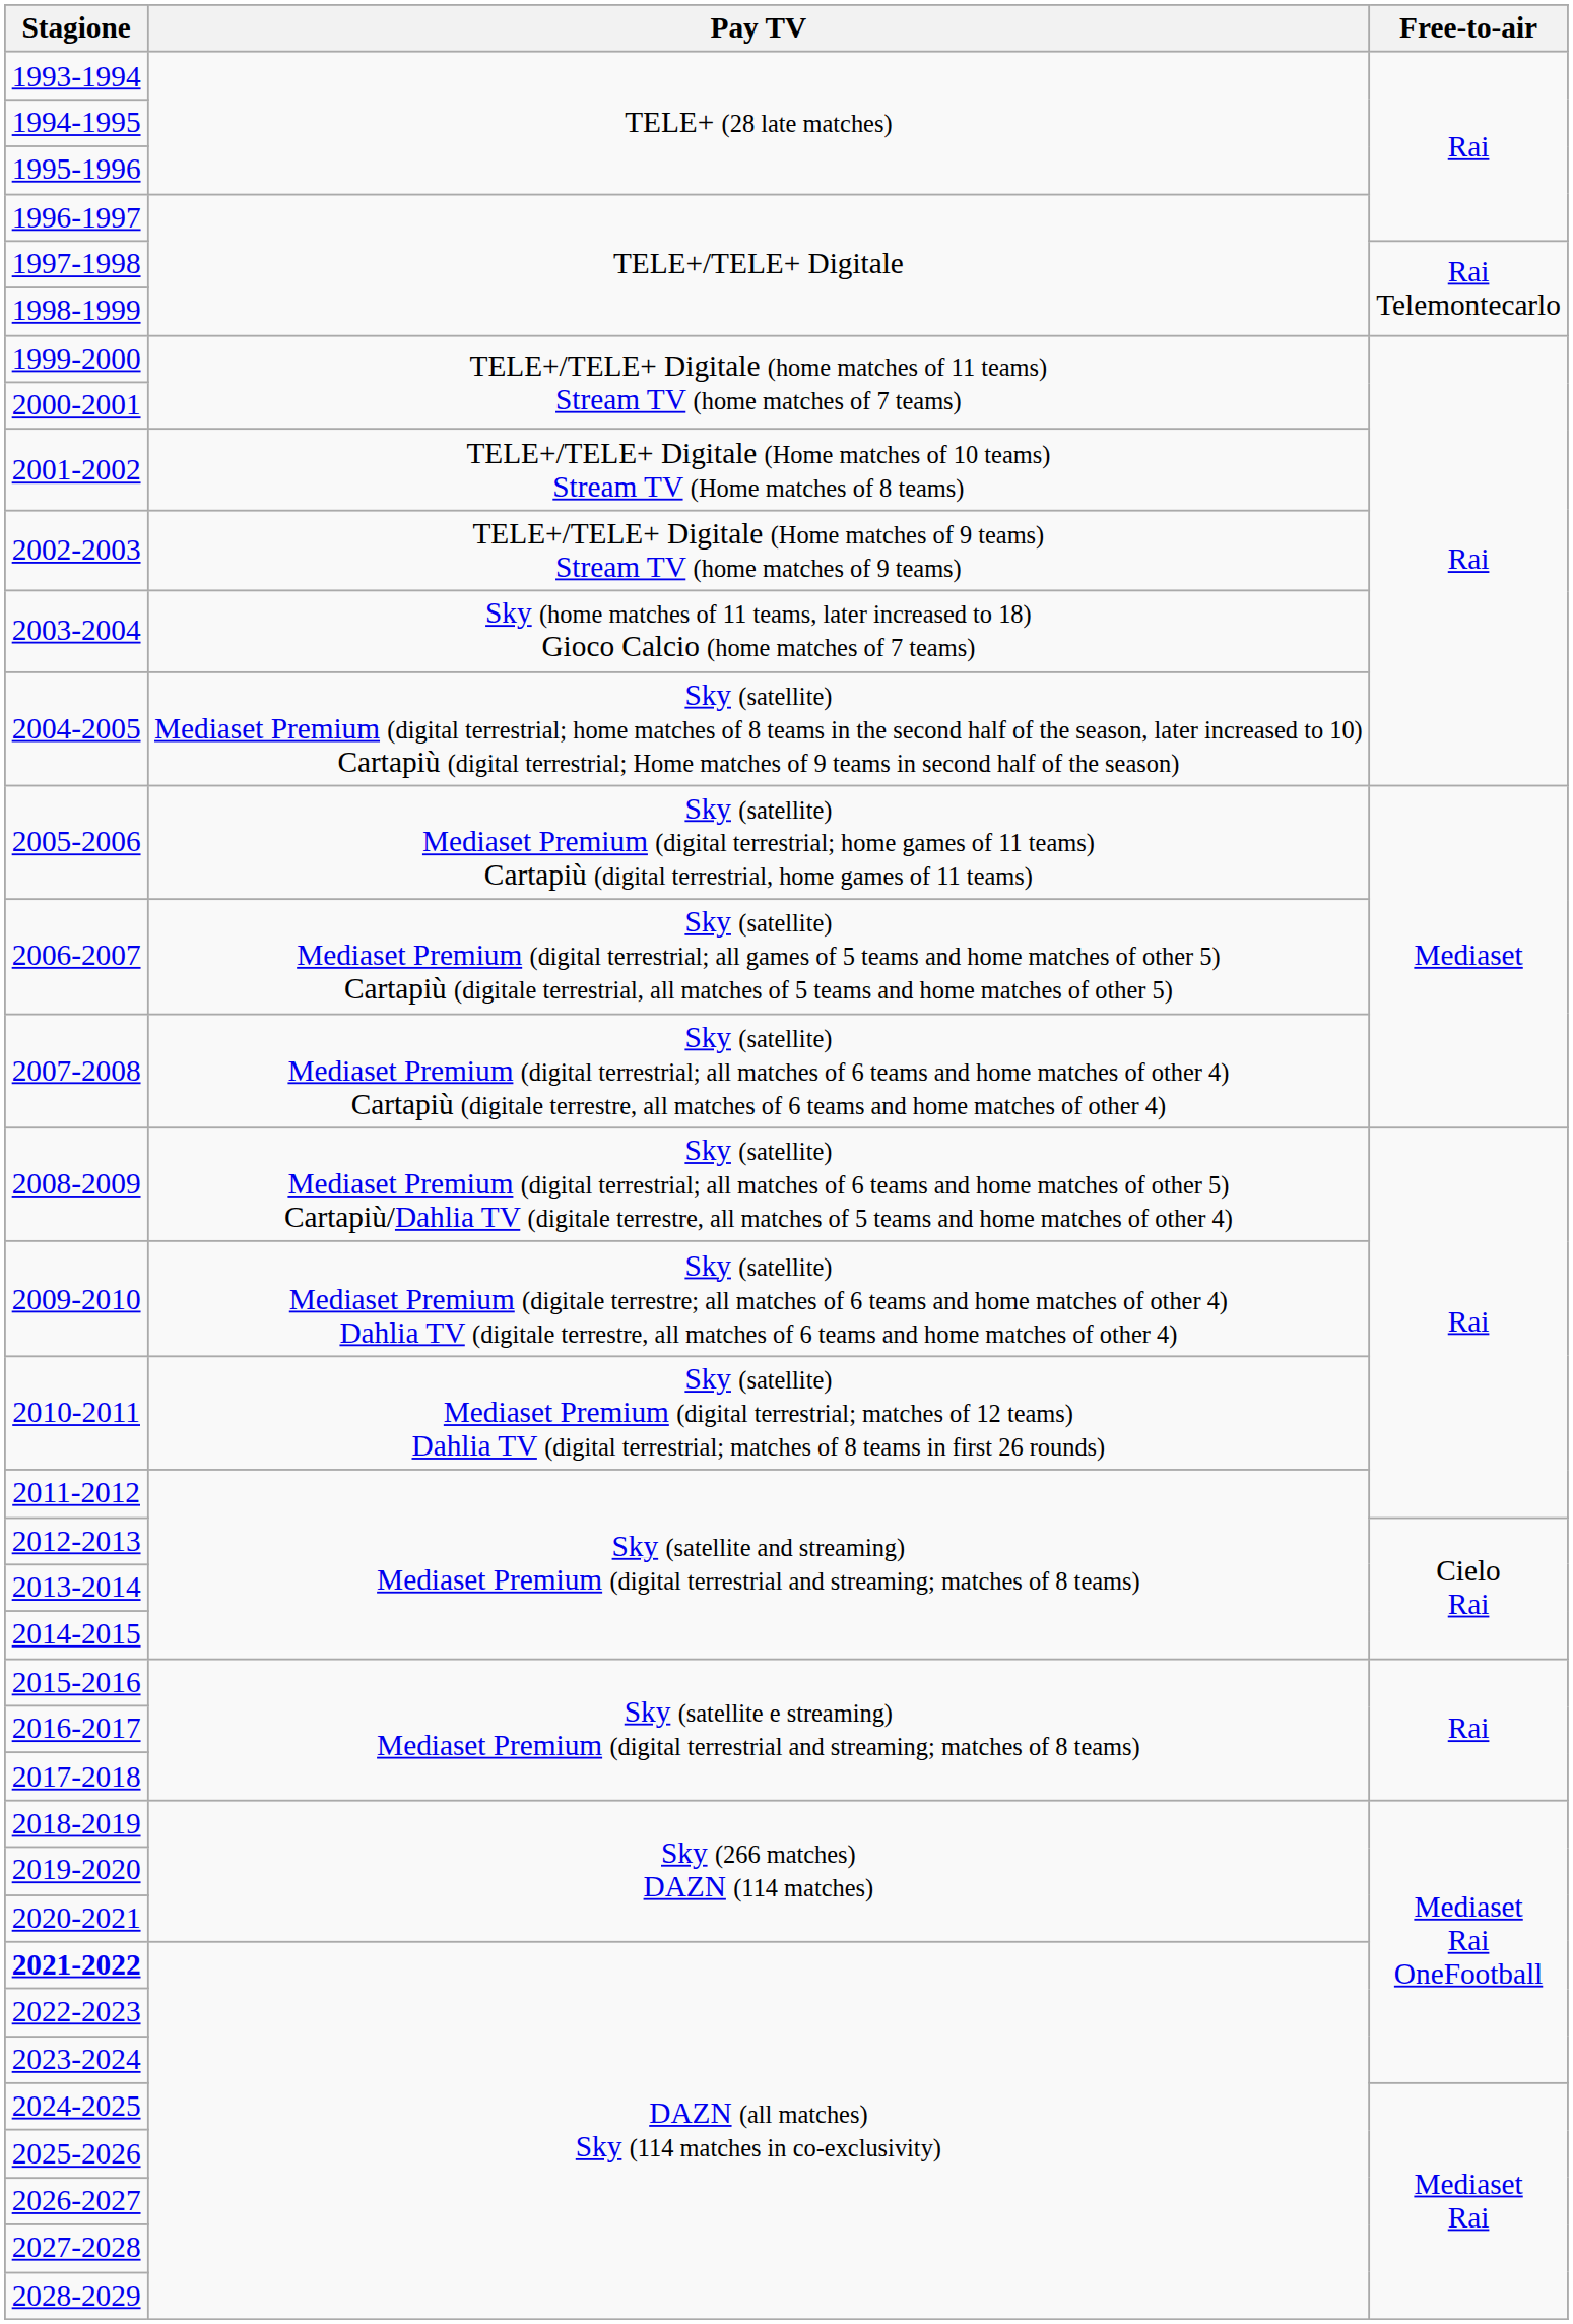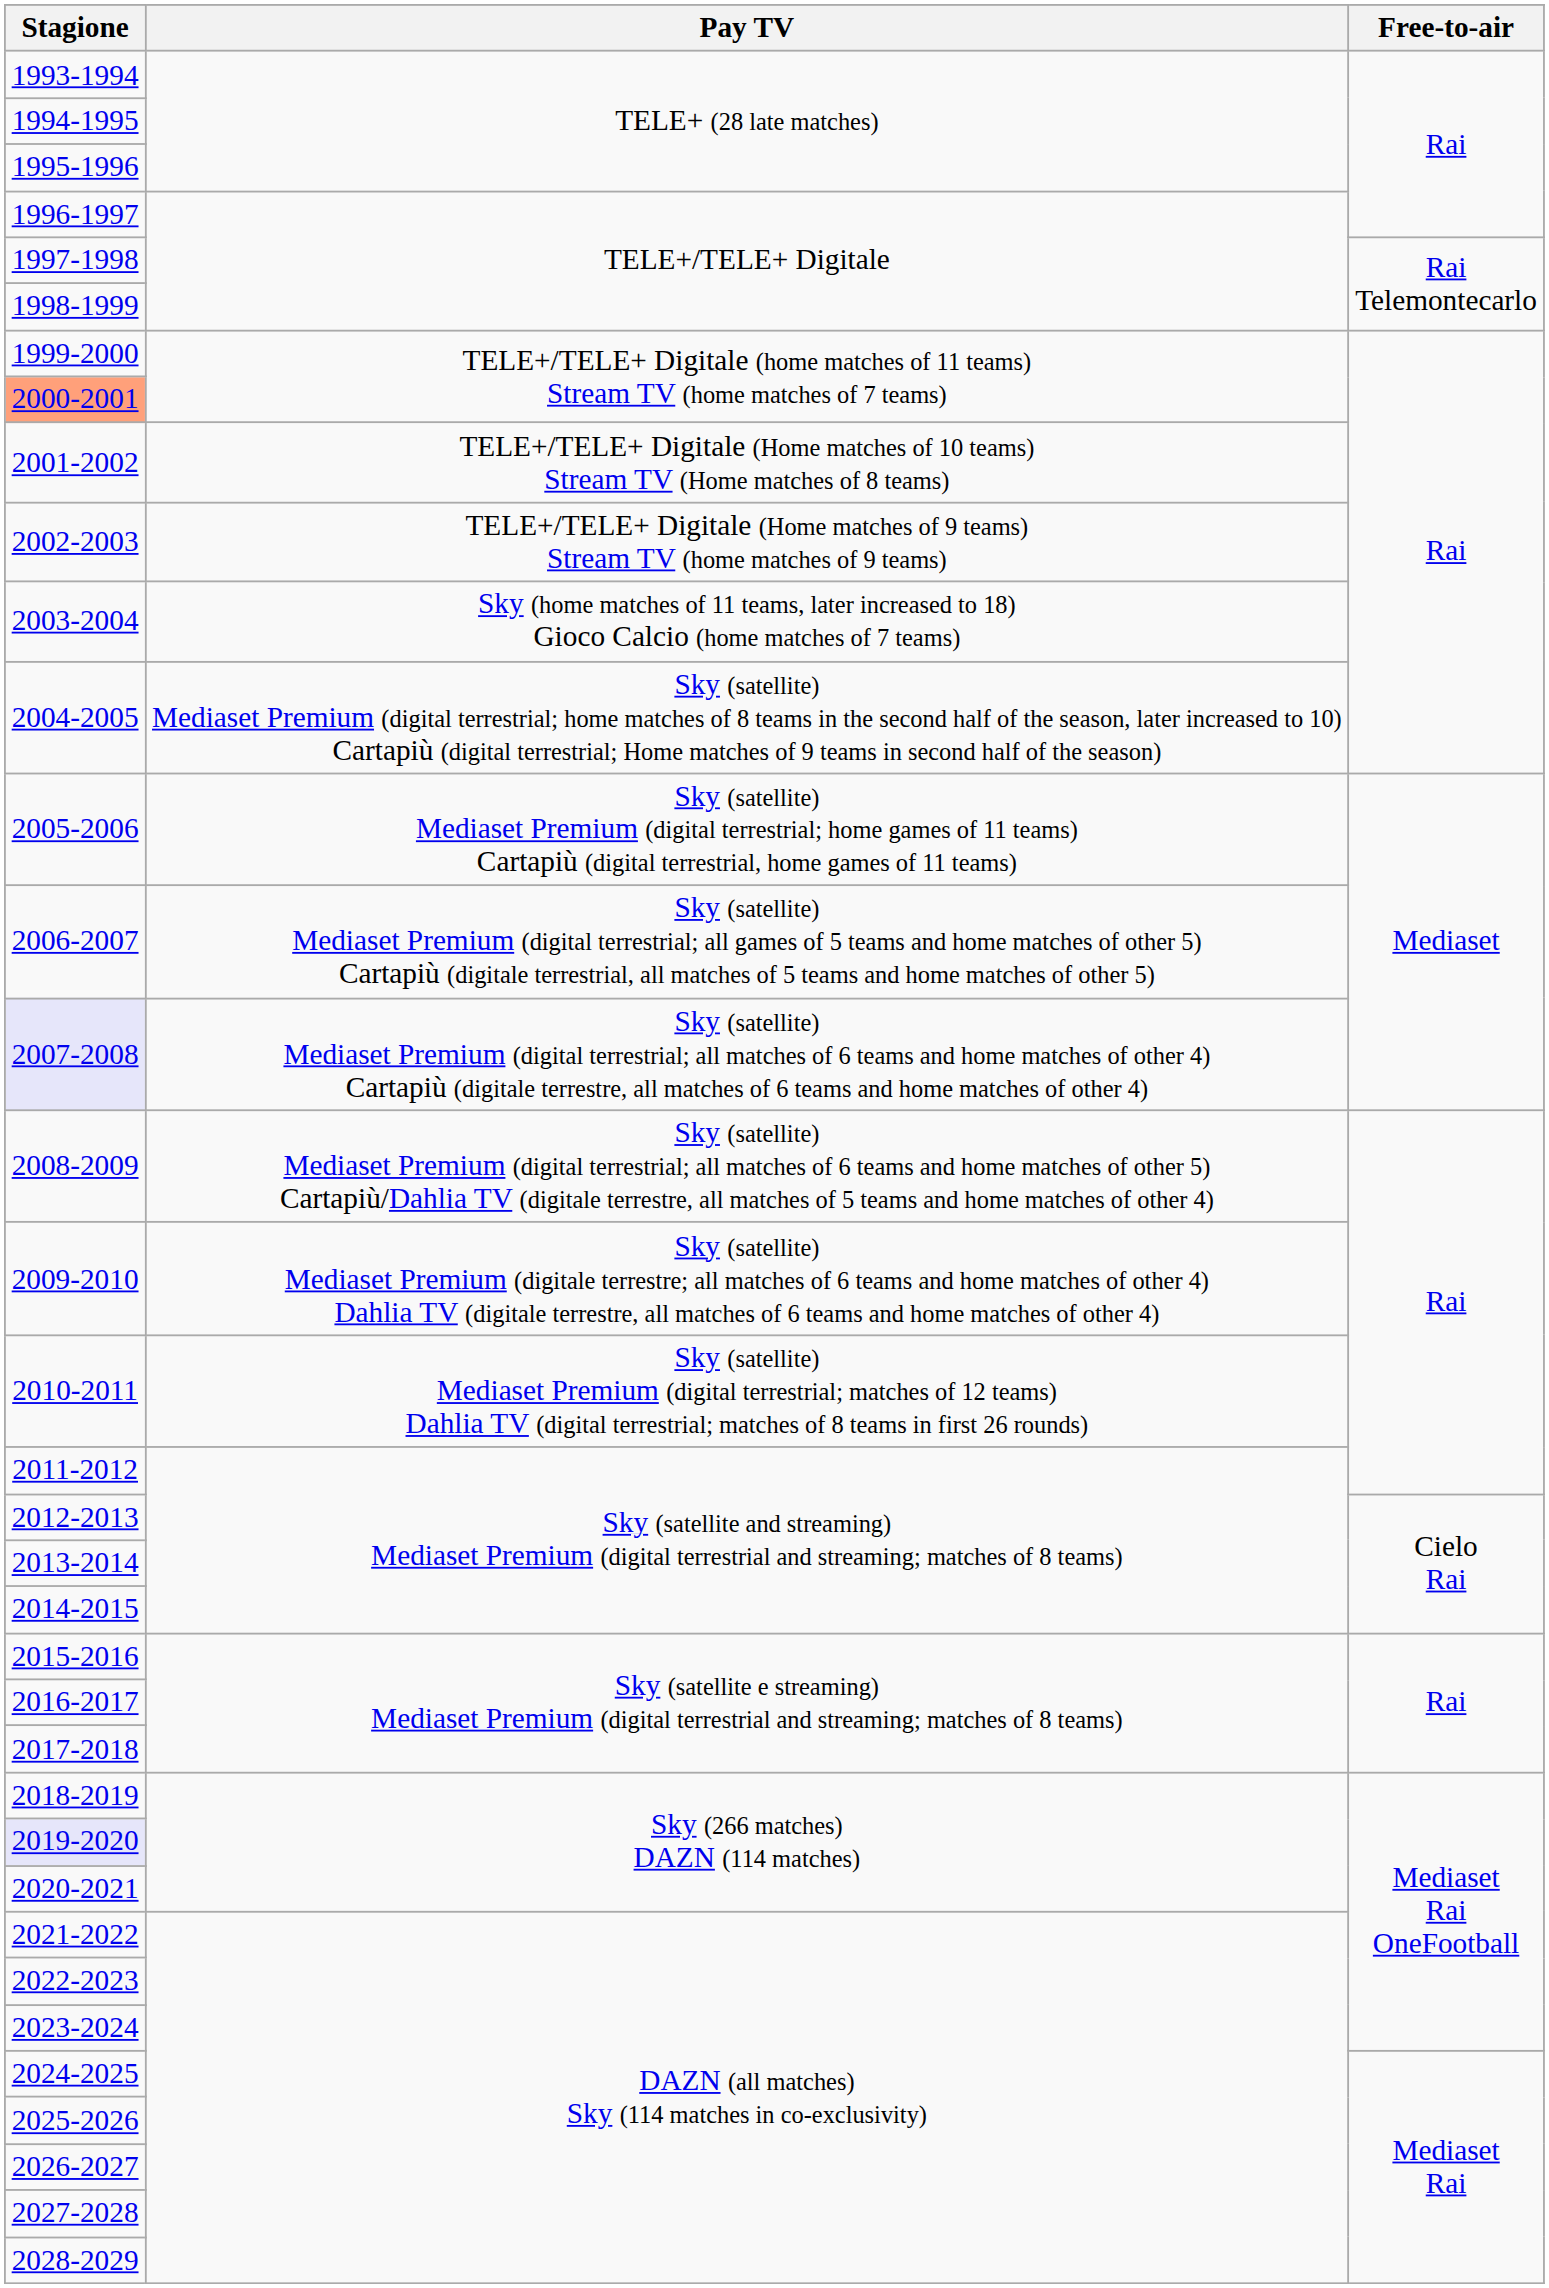 <table class="wikitable" style="text-align: center;">
 <tr>
 <th>Stagione</th>
 <th>Pay TV</th>
 <th>Free-to-air</th>
 </tr>
 <tr>
 <td><a href='#'>1993-1994</a></td>
 <td rowspan="3">TELE+ <small>(28 late matches)</small></td>
 <td rowspan="4"><a href='#'>Rai</a></td>
 </tr>
 <tr>
 <td><a href='#'>1994-1995</a></td>
 </tr>
 <tr>
 <td><a href='#'>1995-1996</a></td>
 </tr>
 <tr>
 <td><a href='#'>1996-1997</a></td>
 <td rowspan="3">TELE+/TELE+ Digitale</td>
 </tr>
 <tr>
 <td><a href='#'>1997-1998</a></td>
 <td rowspan="2"><a href='#'>Rai</a><br>Telemontecarlo</td>
 </tr>
 <tr>
 <td><a href='#'>1998-1999</a></td>
 </tr>
 <tr>
 <td><a href='#'>1999-2000</a></td>
 <td rowspan="2">TELE+/TELE+ Digitale <small>(home matches of 11 teams)</small><br><a href='#'>Stream TV</a> <small>(home matches of 7 teams)</small></td>
 <td rowspan="6"><a href='#'>Rai</a></td>
 </tr>
 <tr>
-<td><a href='#'>2000-2001</a></td>
+<td style="background: lightsalmon;"><a href='#'>2000-2001</a></td>
 </tr>
 <tr>
 <td><a href='#'>2001-2002</a></td>
 <td>TELE+/TELE+ Digitale <small>(Home matches of 10 teams)</small><br><a href='#'>Stream TV</a> <small>(Home matches of 8 teams)</small></td>
 </tr>
 <tr>
 <td><a href='#'>2002-2003</a></td>
 <td>TELE+/TELE+ Digitale <small>(Home matches of 9 teams)</small><br><a href='#'>Stream TV</a> <small>(home matches of 9 teams)</small></td>
 </tr>
 <tr>
 <td><a href='#'>2003-2004</a></td>
 <td><a href='#'>Sky</a> <small>(home matches of 11 teams, later increased to 18)</small><br>Gioco Calcio <small>(home matches of 7 teams)</small></td>
 </tr>
 <tr>
 <td><a href='#'>2004-2005</a></td>
 <td><a href='#'>Sky</a> <small>(satellite)</small><br><a href='#'>Mediaset Premium</a> <small>(digital terrestrial; home matches of 8 teams in the second half of the season, later increased to 10)</small><br>Cartapiù <small>(digital terrestrial; Home matches of 9 teams in second half of the season)</small></td>
 </tr>
 <tr>
 <td><a href='#'>2005-2006</a></td>
 <td><a href='#'>Sky</a> <small>(satellite)</small><br><a href='#'>Mediaset Premium</a> <small>(digital terrestrial; home games of 11 teams)</small><br>Cartapiù <small>(digital terrestrial, home games of 11 teams)</small></td>
 <td rowspan="3"><a href='#'>Mediaset</a></td>
 </tr>
 <tr>
 <td><a href='#'>2006-2007</a></td>
 <td><a href='#'>Sky</a> <small>(satellite)</small><br><a href='#'>Mediaset Premium</a> <small>(digital terrestrial; all games of 5 teams and home matches of other 5)</small><br>Cartapiù <small>(digitale terrestrial, all matches of 5 teams and home matches of other 5)</small></td>
 </tr>
 <tr>
-<td><a href='#'>2007-2008</a></td>
+<td style="background: lavender;"><a href='#'>2007-2008</a></td>
 <td><a href='#'>Sky</a> <small>(satellite)</small><br><a href='#'>Mediaset Premium</a> <small>(digital terrestrial; all matches of 6 teams and home matches of other 4)</small><br>Cartapiù <small>(digitale terrestre, all matches of 6 teams and home matches of other 4)</small></td>
 </tr>
 <tr>
 <td><a href='#'>2008-2009</a></td>
 <td><a href='#'>Sky</a> <small>(satellite)</small><br><a href='#'>Mediaset Premium</a> <small>(digital terrestrial; all matches of 6 teams and home matches of other 5)</small><br>Cartapiù/<a href='#'>Dahlia TV</a> <small>(digitale terrestre, all matches of 5 teams and home matches of other 4)</small></td>
 <td rowspan="4"><a href='#'>Rai</a></td>
 </tr>
 <tr>
 <td><a href='#'>2009-2010</a></td>
 <td><a href='#'>Sky</a> <small>(satellite)</small><br><a href='#'>Mediaset Premium</a> <small>(digitale terrestre; all matches of 6 teams and home matches of other 4)</small><br><a href='#'>Dahlia TV</a> <small>(digitale terrestre, all matches of 6 teams and home matches of other 4)</small></td>
 </tr>
 <tr>
 <td><a href='#'>2010-2011</a></td>
 <td><a href='#'>Sky</a> <small>(satellite)</small><br><a href='#'>Mediaset Premium</a> <small>(digital terrestrial; matches of 12 teams)</small><br><a href='#'>Dahlia TV</a> <small>(digital terrestrial; matches of 8 teams in first 26 rounds)</small></td>
 </tr>
 <tr>
 <td><a href='#'>2011-2012</a></td>
 <td rowspan="4"><a href='#'>Sky</a> <small>(satellite and streaming)</small><br><a href='#'>Mediaset Premium</a> <small>(digital terrestrial and streaming; matches of 8 teams)</small></td>
 </tr>
 <tr>
 <td><a href='#'>2012-2013</a></td>
 <td rowspan="3">Cielo<br><a href='#'>Rai</a></td>
 </tr>
 <tr>
 <td><a href='#'>2013-2014</a></td>
 </tr>
 <tr>
 <td><a href='#'>2014-2015</a></td>
 </tr>
 <tr>
 <td><a href='#'>2015-2016</a></td>
 <td rowspan="3"><a href='#'>Sky</a> <small>(satellite e streaming)</small><br><a href='#'>Mediaset Premium</a> <small>(digital terrestrial and streaming; matches of 8 teams)</small></td>
 <td rowspan="3"><a href='#'>Rai</a></td>
 </tr>
 <tr>
 <td><a href='#'>2016-2017</a></td>
 </tr>
 <tr>
 <td><a href='#'>2017-2018</a></td>
 </tr>
 <tr>
 <td><a href='#'>2018-2019</a></td>
 <td rowspan="3"><a href='#'>Sky</a> <small>(266 matches)</small><br><a href='#'>DAZN</a> <small>(114 matches)</small></td>
 <td rowspan="6"><a href='#'>Mediaset</a><br><a href='#'>Rai</a><br><a href='#'>OneFootball</a></td>
 </tr>
 <tr>
-<td><a href='#'>2019-2020</a></td>
+<td style="background: lavender;"><a href='#'>2019-2020</a></td>
 </tr>
 <tr>
 <td><a href='#'>2020-2021</a></td>
 </tr>
 <tr>
-<td><strong><a href='#'>2021-2022</a></strong></td>
+<td><a href='#'>2021-2022</a></td>
 <td rowspan="8"><a href='#'>DAZN</a> <small>(all matches)</small><br><a href='#'>Sky</a> <small>(114 matches in co-exclusivity)</small></td>
 </tr>
 <tr>
 <td><a href='#'>2022-2023</a></td>
 </tr>
 <tr>
 <td><a href='#'>2023-2024</a></td>
 </tr>
 <tr>
 <td><a href='#'>2024-2025</a></td>
 <td rowspan="5"><a href='#'>Mediaset</a><br><a href='#'>Rai</a></td>
 </tr>
 <tr>
 <td><a href='#'>2025-2026</a></td>
 </tr>
 <tr>
 <td><a href='#'>2026-2027</a></td>
 </tr>
 <tr>
 <td><a href='#'>2027-2028</a></td>
 </tr>
 <tr>
 <td><a href='#'>2028-2029</a></td>
 </tr>
 </table>
